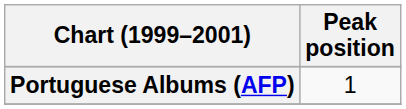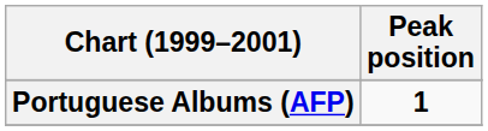 <table class="wikitable sortable plainrowheaders" style="text-align:center">
 <tr>
 <th scope="col">Chart (1999–2001)</th>
 <th scope="col">Peak<br>position</th>
 </tr>
 <tr>
 </tr>
 <tr>
 </tr>
 <tr>
 </tr>
 <tr>
 </tr>
 <tr>
 </tr>
 <tr>
 </tr>
 <tr>
 </tr>
 <tr>
 </tr>
 <tr>
 </tr>
 <tr>
 </tr>
 <tr>
 </tr>
 <tr>
 </tr>
 <tr>
 <th scope="row">Portuguese Albums (<a href='#'>AFP</a>)</th>
-<td style="text-align:center;">1</td>
+<td style="text-align:center;"><strong>1</strong></td>
 </tr>
 <tr>
 </tr>
 <tr>
 </tr>
 <tr>
 </tr>
 <tr>
 </tr>
 <tr>
 </tr>
 </table>
